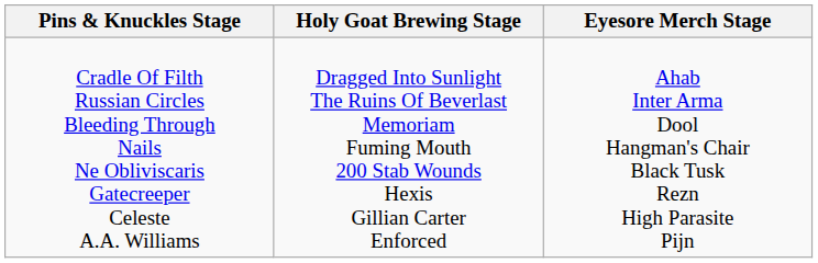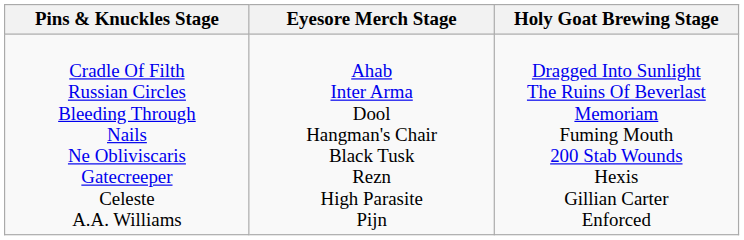 <table class="wikitable">
 <tr>
 <th>Pins & Knuckles Stage</th>
+<th>Eyesore Merch Stage</th>
 <th>Holy Goat Brewing Stage</th>
-<th>Eyesore Merch Stage</th>
 </tr>
 <tr>
 <td valign="top" align="center" width="200"><br><a href='#'>Cradle Of Filth</a><br><a href='#'>Russian Circles</a><br><a href='#'>Bleeding Through</a><br><a href='#'>Nails</a><br><a href='#'>Ne Obliviscaris</a><br><a href='#'>Gatecreeper</a><br>Celeste<br>A.A. Williams</td>
+<td valign="top" align="center" width="200"><br><a href='#'>Ahab</a><br><a href='#'>Inter Arma</a><br>Dool<br>Hangman's Chair<br>Black Tusk<br>Rezn<br>High Parasite<br>Pijn</td>
 <td valign="top" align="center" width="200"><br><a href='#'>Dragged Into Sunlight</a><br><a href='#'>The Ruins Of Beverlast</a><br><a href='#'>Memoriam</a><br>Fuming Mouth<br><a href='#'>200 Stab Wounds</a><br>Hexis<br>Gillian Carter<br>Enforced</td>
-<td valign="top" align="center" width="200"><br><a href='#'>Ahab</a><br><a href='#'>Inter Arma</a><br>Dool<br>Hangman's Chair<br>Black Tusk<br>Rezn<br>High Parasite<br>Pijn</td>
 </tr>
 </table>
